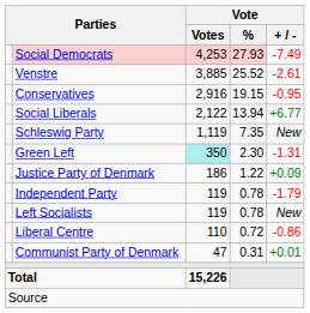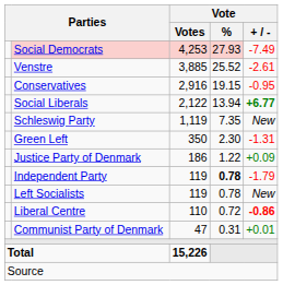 <table class="wikitable" style="text-align:right;">
 <tr>
 <th style="text-align:centre;" rowspan="2" colspan="2" width="225">Parties</th>
 <th colspan="3">Vote</th>
 </tr>
 <tr>
 <th width="15">Votes</th>
 <th width="15">%</th>
 <th width="15">+ / -</th>
 </tr>
 <tr>
 <td width="2" style="color:inherit;background:"></td>
 <td bgcolor=#fbd0ce  align="left"><a href='#'>Social Democrats</a></td>
 <td bgcolor=#fbd0ce>4,253</td>
 <td bgcolor=#fbd0ce>27.93</td>
 <td style=color:red;>-7.49</td>
 </tr>
 <tr>
 <td width="2" style="color:inherit;background:"></td>
 <td align="left"><a href='#'>Venstre</a></td>
 <td>3,885</td>
 <td>25.52</td>
 <td style=color:red;>-2.61</td>
 </tr>
 <tr>
 <td width="2" style="color:inherit;background:"></td>
 <td align="left"><a href='#'>Conservatives</a></td>
 <td>2,916</td>
 <td>19.15</td>
 <td style=color:red;>-0.95</td>
 </tr>
 <tr>
 <td width="2" style="color:inherit;background:"></td>
 <td align="left"><a href='#'>Social Liberals</a></td>
 <td>2,122</td>
 <td>13.94</td>
-<td style=color:green;>+6.77</td>
+<td style=color:green;><strong>+6.77</strong></td>
 </tr>
 <tr>
 <td width="2" style="color:inherit;background:"></td>
 <td align="left"><a href='#'>Schleswig Party</a></td>
 <td>1,119</td>
 <td>7.35</td>
 <td><em>New</em></td>
 </tr>
 <tr>
 <td width="2" style="color:inherit;background:"></td>
 <td align="left"><a href='#'>Green Left</a></td>
-<td style="background: paleturquoise;">350</td>
+<td>350</td>
 <td>2.30</td>
 <td style=color:red;>-1.31</td>
 </tr>
 <tr>
 <td width="2" style="color:inherit;background:"></td>
 <td align="left"><a href='#'>Justice Party of Denmark</a></td>
 <td>186</td>
 <td>1.22</td>
 <td style=color:green;>+0.09</td>
 </tr>
 <tr>
 <td width="2" style="color:inherit;background:"></td>
 <td align="left"><a href='#'>Independent Party</a></td>
 <td>119</td>
-<td>0.78</td>
+<td><strong>0.78</strong></td>
 <td style=color:red;>-1.79</td>
 </tr>
 <tr>
 <td width="2" style="color:inherit;background:"></td>
 <td align="left"><a href='#'>Left Socialists</a></td>
 <td>119</td>
 <td>0.78</td>
 <td><em>New</em></td>
 </tr>
 <tr>
 <td width="2" style="color:inherit;background:"></td>
 <td align="left"><a href='#'>Liberal Centre</a></td>
 <td>110</td>
 <td>0.72</td>
-<td style=color:red;>-0.86</td>
+<td style=color:red;><strong>-0.86</strong></td>
 </tr>
 <tr>
 <td width="2" style="color:inherit;background:"></td>
 <td align="left"><a href='#'>Communist Party of Denmark</a></td>
 <td>47</td>
 <td>0.31</td>
 <td style=color:green;>+0.01</td>
 </tr>
 <tr>
 <td colspan="7" bgcolor="#E9E9E9"></td>
 </tr>
 <tr>
 <td align="left" colspan="2"><strong>Total</strong></td>
 <td><strong>15,226</strong></td>
 <td bgcolor="#E9E9E9" colspan="2"></td>
 </tr>
 <tr>
 <td align="left" colspan="6">Source</td>
 </tr>
 </table>
